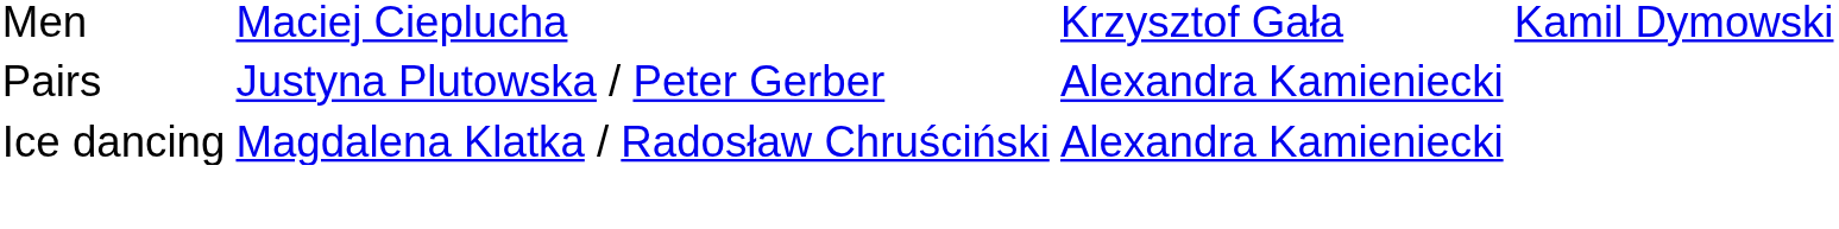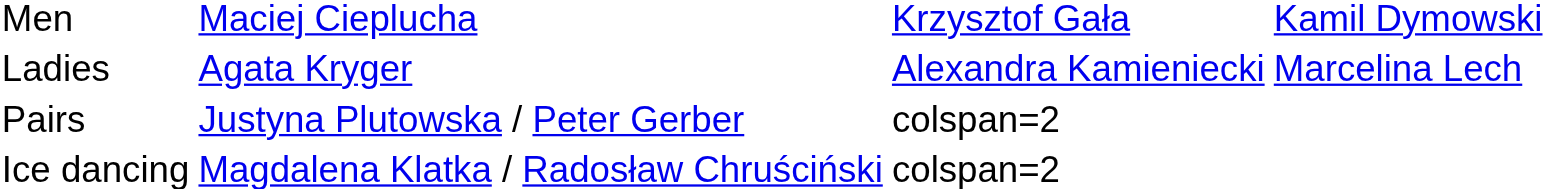 <table>
 <tr>
 <td>Men</td>
 <td><a href='#'>Maciej Cieplucha</a></td>
 <td><a href='#'>Krzysztof Gała</a></td>
 <td><a href='#'>Kamil Dymowski</a></td>
 </tr>
 <tr>
+<td>Ladies</td>
+<td><a href='#'>Agata Kryger</a></td>
+<td><a href='#'>Alexandra Kamieniecki</a></td>
+<td><a href='#'>Marcelina Lech</a></td>
+</tr>
+<tr>
 <td>Pairs</td>
 <td><a href='#'>Justyna Plutowska</a> / <a href='#'>Peter Gerber</a></td>
-<td><a href='#'>Alexandra Kamieniecki</a></td>
+<td>colspan=2 </td>
 </tr>
 <tr>
 <td>Ice dancing</td>
 <td><a href='#'>Magdalena Klatka</a> / <a href='#'>Radosław Chruściński</a></td>
-<td><a href='#'>Alexandra Kamieniecki</a></td>
+<td>colspan=2 </td>
 </tr>
 </table>
